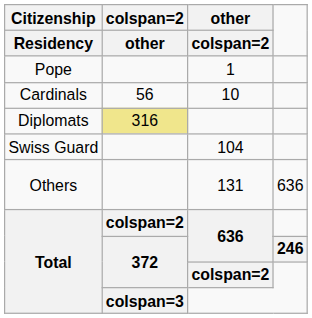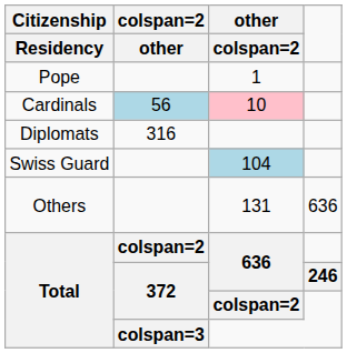 <table class=wikitable style="font-size:small; text-align:center">
 <tr>
 <th>Citizenship</th>
 <th>colspan=2 </th>
 <th>other</th>
 </tr>
 <tr>
 <th>Residency</th>
 <th>other</th>
 <th>colspan=2 </th>
 </tr>
 <tr>
 <td>Pope</td>
 <td></td>
 <td>1</td>
 <td></td>
 </tr>
 <tr>
 <td>Cardinals</td>
-<td>56</td>
-<td>10</td>
+<td style="background: lightblue;">56</td>
+<td style="background: pink;">10</td>
 <td></td>
 </tr>
 <tr>
 <td>Diplomats</td>
-<td style="background: khaki;">316</td>
+<td>316</td>
 <td></td>
 <td></td>
 </tr>
 <tr>
 <td>Swiss Guard</td>
 <td></td>
-<td>104</td>
+<td style="background: lightblue;">104</td>
 <td></td>
 </tr>
 <tr style=line-height:2.7>
 <td>Others</td>
 <td></td>
 <td>131</td>
 <td>636</td>
 </tr>
 <tr>
 <th rowspan=4>Total</th>
 <th>colspan=2 </th>
 <th rowspan=2>636</th>
 </tr>
 <tr>
 <th rowspan=2>372</th>
 <th>246</th>
 </tr>
 <tr>
 <th>colspan=2 </th>
 </tr>
 <tr>
 <th>colspan=3 </th>
 </tr>
 </table>
